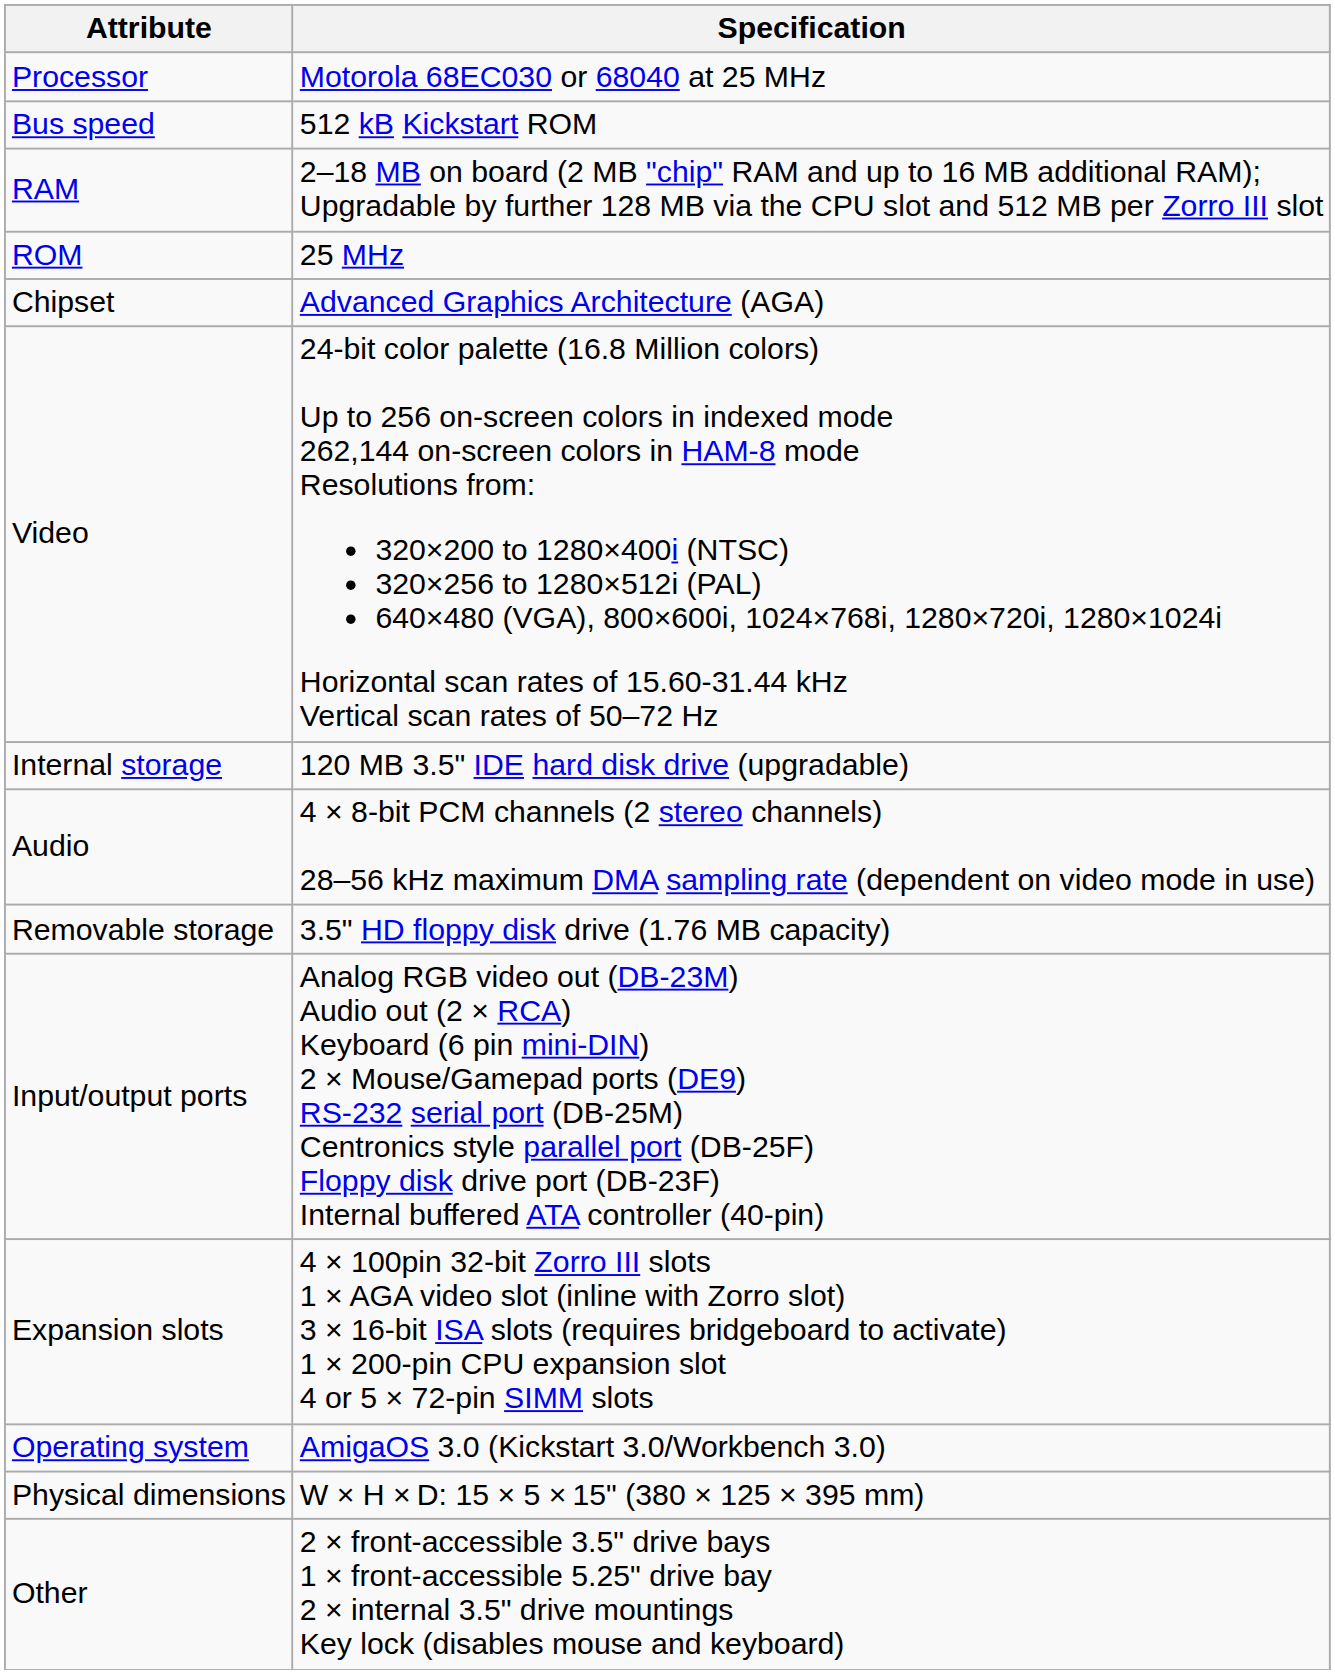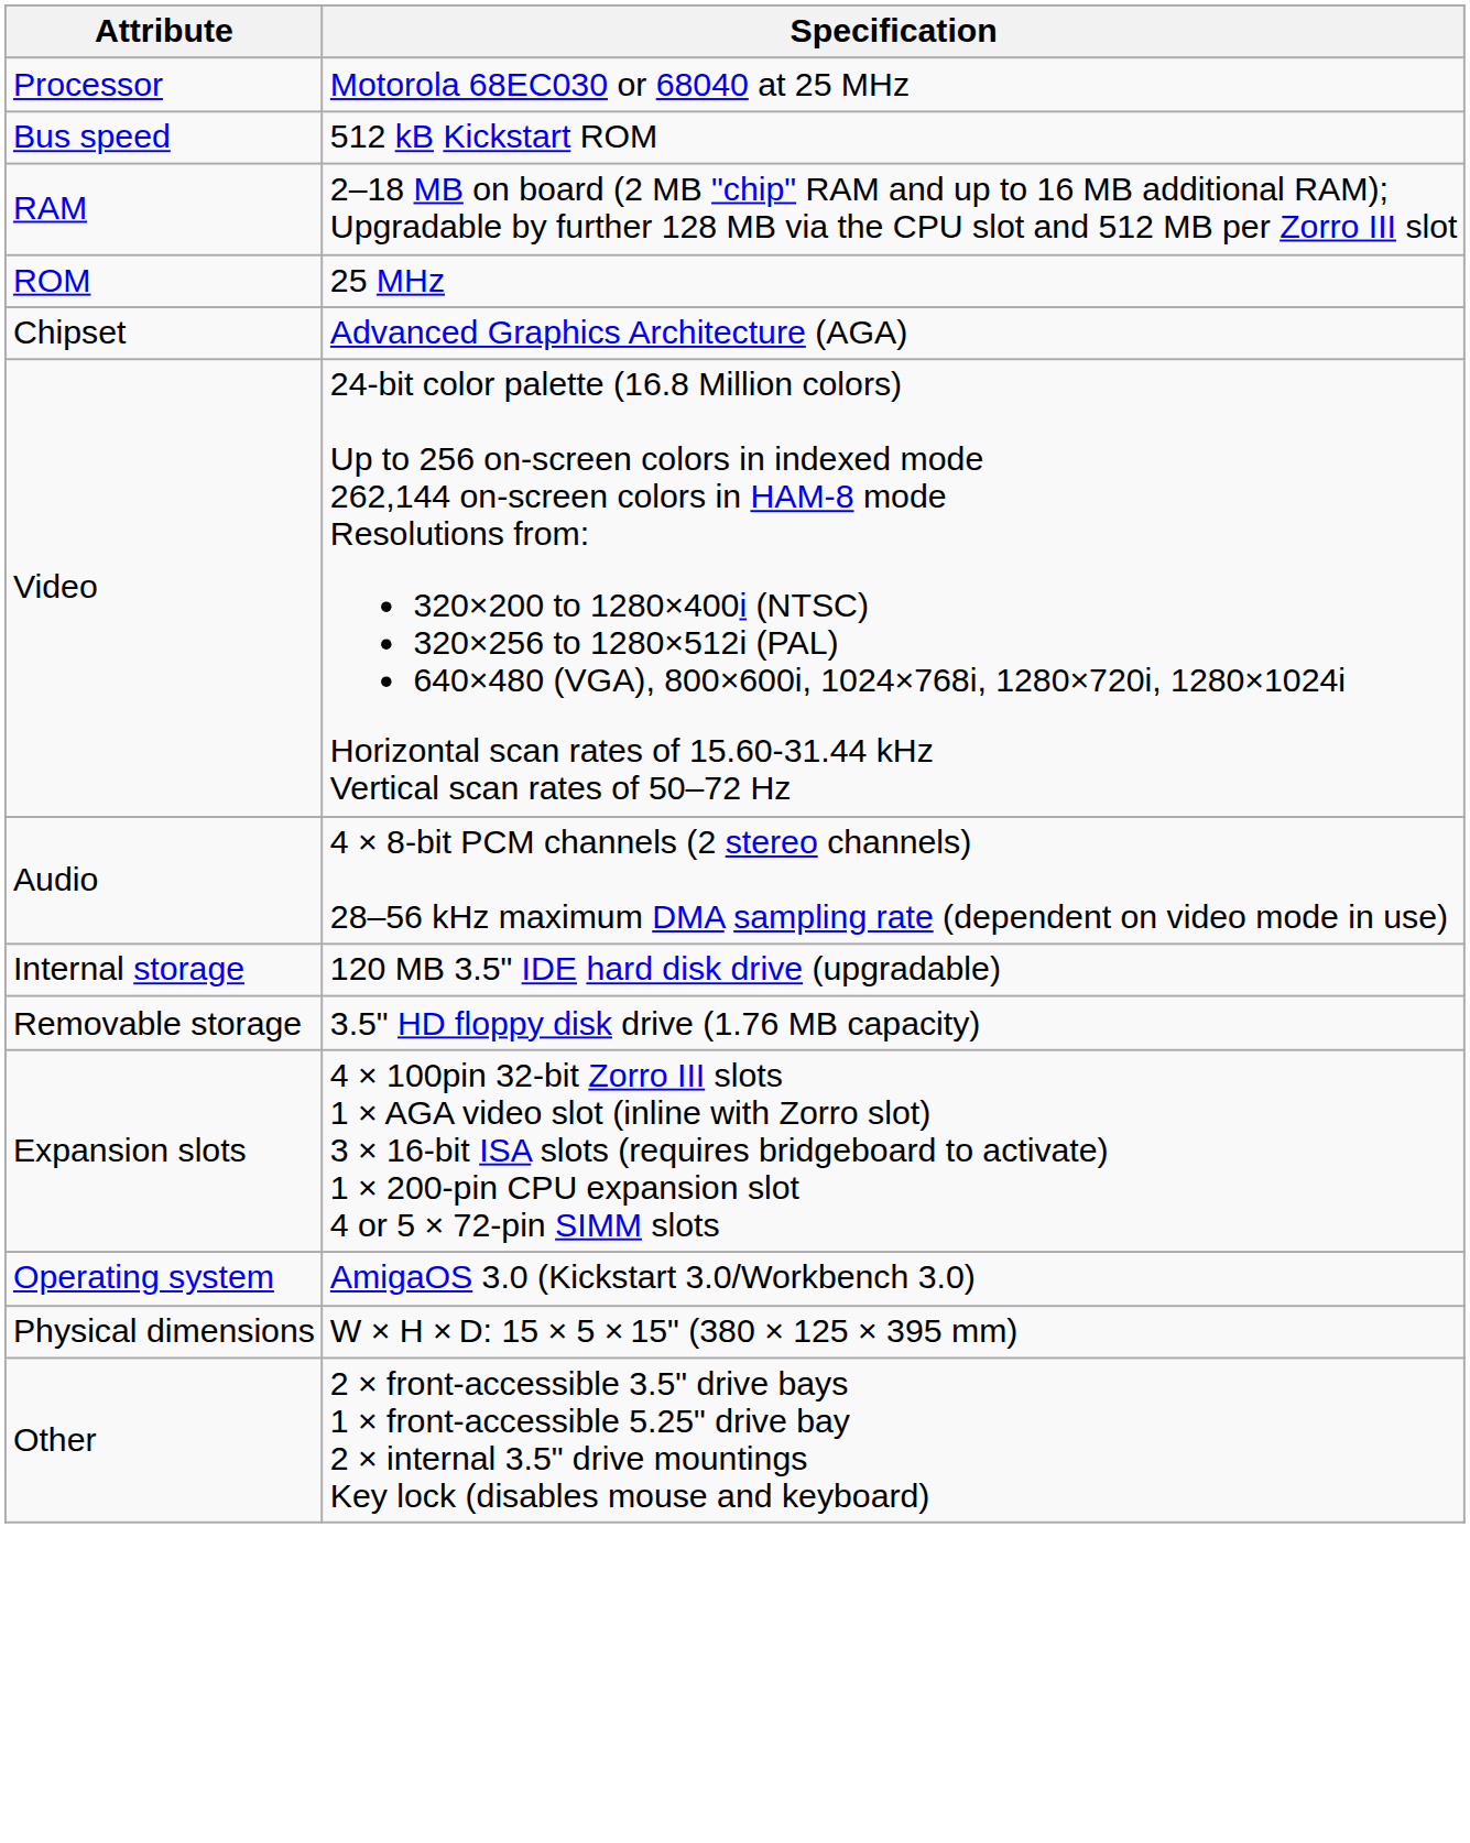 <table class="wikitable">
 <tr>
 <th>Attribute</th>
 <th>Specification</th>
 </tr>
 <tr>
 <td><a href='#'>Processor</a></td>
 <td><a href='#'>Motorola 68EC030</a> or <a href='#'>68040</a> at 25 MHz</td>
 </tr>
 <tr>
 <td><a href='#'>Bus speed</a></td>
 <td>512 <a href='#'>kB</a> <a href='#'>Kickstart</a> ROM</td>
 </tr>
 <tr>
 <td><a href='#'>RAM</a></td>
 <td>2–18 <a href='#'>MB</a> on board (2 MB <a href='#'>"chip"</a> RAM and up to 16 MB additional RAM);<br> Upgradable by further 128 MB via the CPU slot and 512 MB per <a href='#'>Zorro III</a> slot</td>
 </tr>
 <tr>
 <td><a href='#'>ROM</a></td>
 <td>25 <a href='#'>MHz</a></td>
 </tr>
 <tr>
 <td>Chipset</td>
 <td><a href='#'>Advanced Graphics Architecture</a> (AGA)<br></td>
 </tr>
 <tr>
 <td>Video</td>
 <td>24-bit color palette (16.8 Million colors)<br><br>Up to 256 on-screen colors in indexed mode<br> 262,144 on-screen colors in <a href='#'>HAM-8</a> mode<br> Resolutions from:<ul><li>320×200 to 1280×400<a href='#'>i</a> (NTSC)</li><li>320×256 to 1280×512i (PAL)</li><li>640×480 (VGA), 800×600i, 1024×768i, 1280×720i, 1280×1024i</li></ul>Horizontal scan rates of 15.60-31.44 kHz<br> Vertical scan rates of 50–72 Hz</td>
 </tr>
 <tr>
+<td>Audio</td>
+<td>4 × 8-bit PCM channels (2 <a href='#'>stereo</a> channels)<br><br>28–56 kHz maximum <a href='#'>DMA</a> <a href='#'>sampling rate</a> (dependent on video mode in use)</td>
+</tr>
+<tr>
 <td>Internal <a href='#'>storage</a></td>
 <td>120 MB 3.5" <a href='#'>IDE</a> <a href='#'>hard disk drive</a> (upgradable)</td>
 </tr>
 <tr>
-<td>Audio</td>
-<td>4 × 8-bit PCM channels (2 <a href='#'>stereo</a> channels)<br><br>28–56 kHz maximum <a href='#'>DMA</a> <a href='#'>sampling rate</a> (dependent on video mode in use)</td>
-</tr>
-<tr>
 <td>Removable storage</td>
 <td>3.5" <a href='#'>HD floppy disk</a> drive (1.76 MB capacity)</td>
-</tr>
-<tr>
-<td>Input/output ports</td>
-<td>Analog RGB video out (<a href='#'>DB-23M</a>)<br> Audio out (2 × <a href='#'>RCA</a>)<br> Keyboard (6 pin <a href='#'>mini-DIN</a>)<br> 2 × Mouse/Gamepad ports (<a href='#'>DE9</a>)<br> <a href='#'>RS-232</a> <a href='#'>serial port</a> (DB-25M)<br> Centronics style <a href='#'>parallel port</a> (DB-25F)<br> <a href='#'>Floppy disk</a> drive port (DB-23F)<br> Internal buffered <a href='#'>ATA</a> controller (40-pin)</td>
 </tr>
 <tr>
 <td>Expansion slots</td>
 <td>4 × 100pin 32-bit <a href='#'>Zorro III</a> slots<br> 1 × AGA video slot (inline with Zorro slot)<br> 3 × 16-bit <a href='#'>ISA</a> slots (requires bridgeboard to activate)<br> 1 × 200-pin CPU expansion slot<br> 4 or 5 × 72-pin <a href='#'>SIMM</a> slots</td>
 </tr>
 <tr>
 <td><a href='#'>Operating system</a></td>
 <td><a href='#'>AmigaOS</a> 3.0 (Kickstart 3.0/Workbench 3.0)</td>
 </tr>
 <tr>
 <td>Physical dimensions</td>
 <td>W × H × D: 15 × 5 × 15" (380 × 125 × 395 mm)</td>
 </tr>
 <tr>
 <td>Other</td>
 <td>2 × front-accessible 3.5" drive bays<br> 1 × front-accessible 5.25" drive bay<br> 2 × internal 3.5" drive mountings<br> Key lock (disables mouse and keyboard)</td>
 </tr>
 </table>
